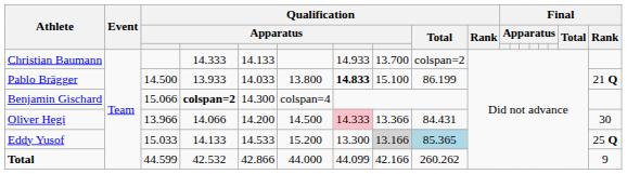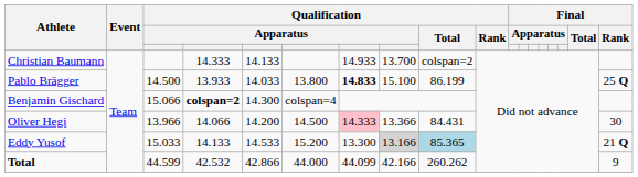 <table class="wikitable" style="font-size:90%">
 <tr>
 <th rowspan=3>Athlete</th>
 <th rowspan=3>Event</th>
 <th colspan =8>Qualification</th>
 <th colspan =8>Final</th>
 </tr>
 <tr style="font-size:95%">
 <th colspan=6>Apparatus</th>
 <th rowspan=2>Total</th>
 <th rowspan=2>Rank</th>
 <th colspan=6>Apparatus</th>
 <th rowspan=2>Total</th>
 <th rowspan=2>Rank</th>
 </tr>
 <tr style="font-size:95%">
 <th></th>
 <th></th>
 <th></th>
 <th></th>
 <th></th>
 <th></th>
 <th></th>
 <th></th>
 <th></th>
 <th></th>
 <th></th>
 <th></th>
 </tr>
 <tr align=center>
 <td align=left><a href='#'>Christian Baumann</a></td>
 <td align=left rowspan=6><a href='#'>Team</a></td>
 <td></td>
 <td>14.333</td>
 <td>14.133</td>
 <td></td>
 <td>14.933</td>
 <td>13.700</td>
 <td>colspan=2 </td>
 <td rowspan=6 colspan=8>Did not advance</td>
 </tr>
 <tr align=center>
 <td align=left><a href='#'>Pablo Brägger</a></td>
 <td>14.500</td>
 <td>13.933</td>
 <td>14.033</td>
 <td>13.800</td>
 <td><strong>14.833</strong></td>
 <td>15.100</td>
 <td>86.199</td>
-<td>21 <strong>Q</strong></td>
+<td>25 <strong>Q</strong></td>
 </tr>
 <tr align=center>
 <td align=left><a href='#'>Benjamin Gischard</a></td>
 <td>15.066</td>
 <td><strong>colspan=2 </strong></td>
 <td>14.300</td>
 <td>colspan=4 </td>
 </tr>
 <tr align=center>
 <td align=left><a href='#'>Oliver Hegi</a></td>
 <td>13.966</td>
 <td>14.066</td>
 <td>14.200</td>
 <td>14.500</td>
 <td style="background: pink;">14.333</td>
 <td>13.366</td>
 <td>84.431</td>
 <td>30</td>
 </tr>
 <tr align=center>
 <td align=left><a href='#'>Eddy Yusof</a></td>
 <td>15.033</td>
 <td>14.133</td>
 <td>14.533</td>
 <td>15.200</td>
 <td>13.300</td>
 <td style="background: lightgrey;">13.166</td>
 <td style="background: lightblue;">85.365</td>
-<td>25 <strong>Q</strong></td>
+<td>21 <strong>Q</strong></td>
 </tr>
 <tr align=center>
 <td align=left><strong>Total</strong></td>
 <td>44.599</td>
 <td>42.532</td>
 <td>42.866</td>
 <td>44.000</td>
 <td>44.099</td>
 <td>42.166</td>
 <td>260.262</td>
 <td>9</td>
 </tr>
 </table>
